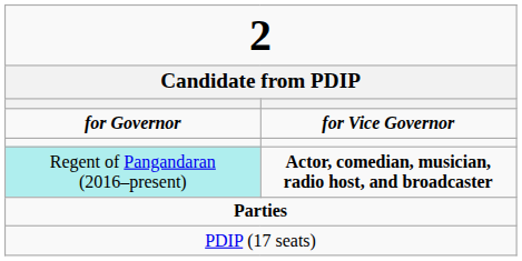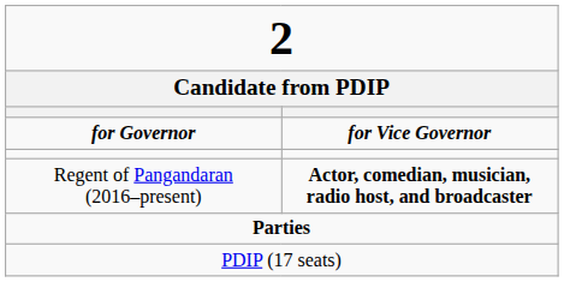 <table class="wikitable" style="font-size:90%; text-align:center;">
 <tr>
 <td colspan=2><big><big><big><big><big><strong>2</strong></big></big></big></big></big></td>
 </tr>
 <tr>
 <th colspan=2><big>Candidate from PDIP</big></th>
 </tr>
 <tr>
 <th style="width:3em; font-size:135%; background:#"><a href='#'></a></th>
 <th style="width:3em; font-size:135%; background:#"><a href='#'></a></th>
 </tr>
 <tr style="color:#000; font-size:100%; background:#">
 <td style="width:3em; width:200px;"><strong><em>for Governor</em></strong></td>
 <td style="width:3em; width:200px;"><strong><em>for Vice Governor</em></strong></td>
 </tr>
 <tr>
 <td></td>
 <td></td>
 </tr>
 <tr>
-<td style="background: paleturquoise;">Regent of <a href='#'>Pangandaran</a><br>(2016–present)</td>
+<td>Regent of <a href='#'>Pangandaran</a><br>(2016–present)</td>
 <td><strong>Actor, comedian, musician, radio host, and broadcaster</strong></td>
 </tr>
 <tr>
 <td colspan=2><strong>Parties</strong></td>
 </tr>
 <tr>
 <td colspan=2> <a href='#'>PDIP</a> (17 seats)</td>
 </tr>
 </table>
